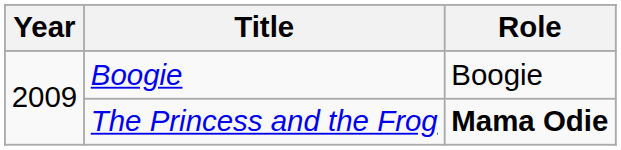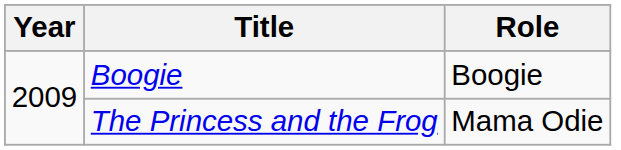 <table class="wikitable">
 <tr>
 <th>Year</th>
 <th>Title</th>
 <th>Role</th>
 </tr>
 <tr>
 <td rowspan=2>2009</td>
 <td><em><a href='#'>Boogie</a></em></td>
 <td>Boogie</td>
 </tr>
 <tr>
 <td><em><a href='#'>The Princess and the Frog</a></em></td>
-<td><strong>Mama Odie</strong></td>
+<td>Mama Odie</td>
 </tr>
 </table>
